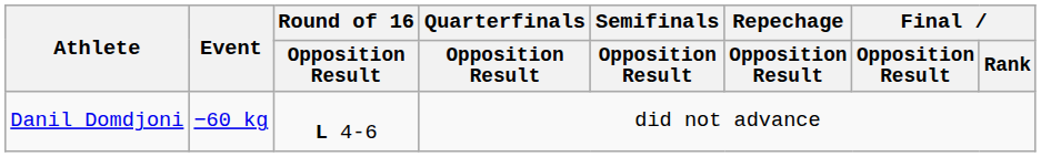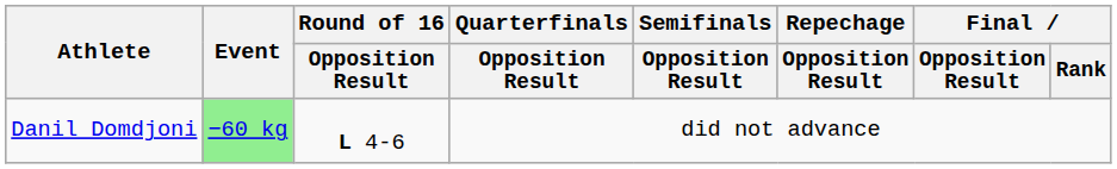 <table class="wikitable" style="font-size:90%">
 <tr>
 <th rowspan="2">Athlete</th>
 <th rowspan="2">Event</th>
 <th>Round of 16</th>
 <th>Quarterfinals</th>
 <th>Semifinals</th>
 <th>Repechage</th>
 <th colspan=2>Final / </th>
 </tr>
 <tr style="font-size:95%">
 <th>Opposition<br>Result</th>
 <th>Opposition<br>Result</th>
 <th>Opposition<br>Result</th>
 <th>Opposition<br>Result</th>
 <th>Opposition<br>Result</th>
 <th>Rank</th>
 </tr>
 <tr align=center>
 <td align=left><a href='#'>Danil Domdjoni</a></td>
-<td align=left><a href='#'>−60 kg</a></td>
+<td align=left style="background: lightgreen;"><a href='#'>−60 kg</a></td>
 <td><br><strong>L</strong> 4-6</td>
 <td colspan=5>did not advance</td>
 </tr>
 </table>
